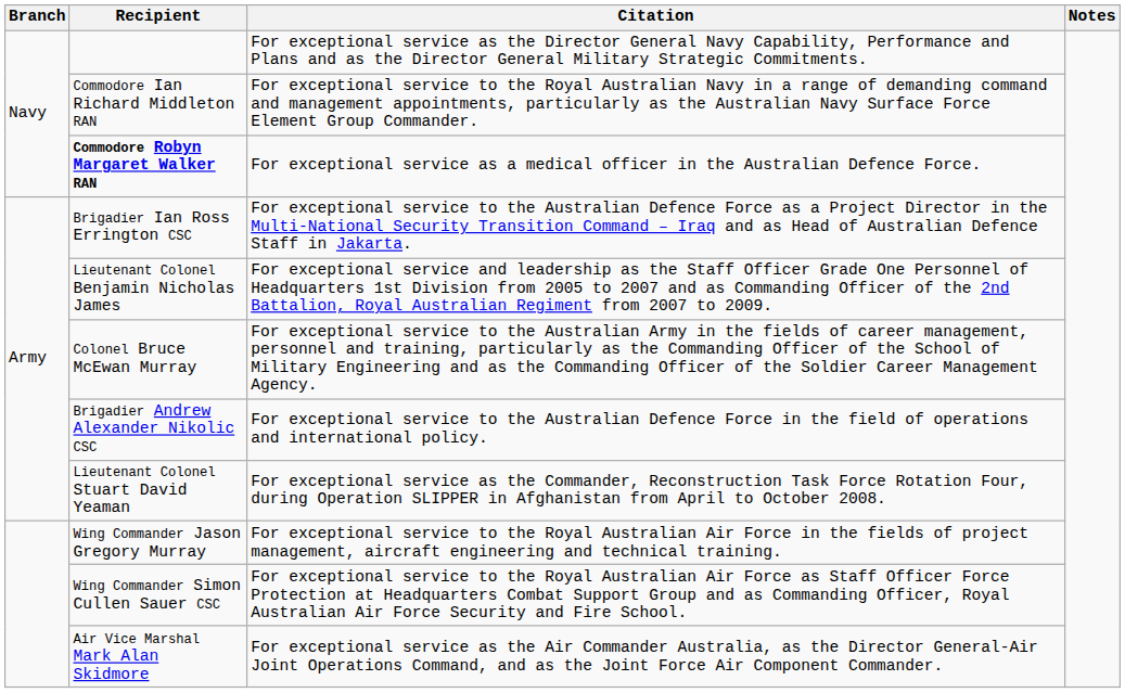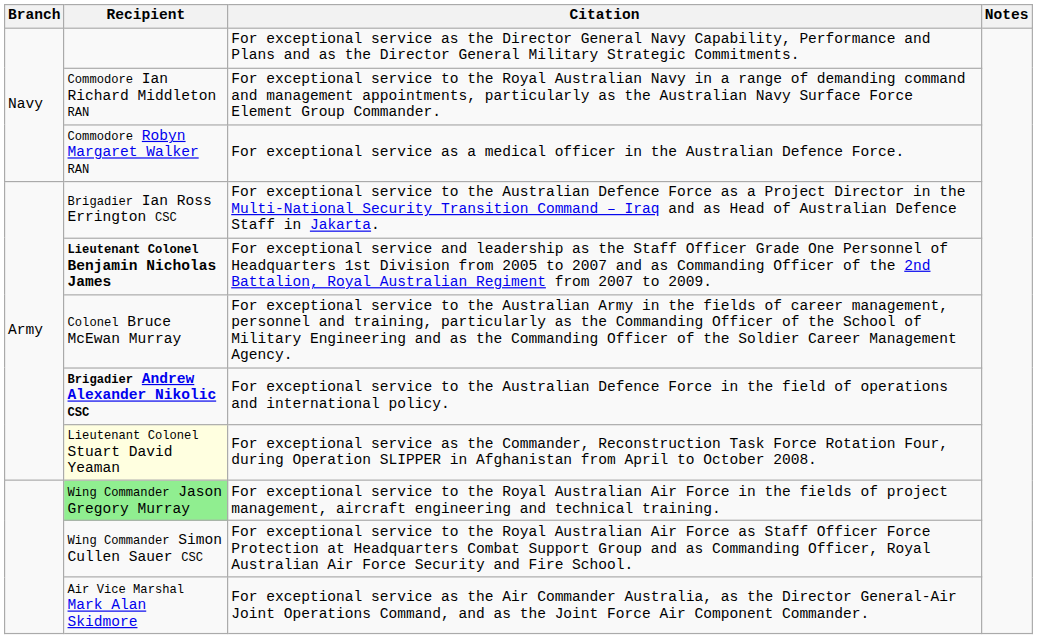 <table class="wikitable" style="font-size:95%;">
 <tr>
 <th>Branch</th>
 <th>Recipient</th>
 <th>Citation</th>
 <th>Notes</th>
 </tr>
 <tr>
 <td rowspan=3>Navy</td>
 <td></td>
 <td>For exceptional service as the Director General Navy Capability, Performance and Plans and as the Director General Military Strategic Commitments.</td>
 <td rowspan=11></td>
 </tr>
 <tr>
 <td><small>Commodore</small> Ian Richard Middleton <small>RAN</small></td>
 <td>For exceptional service to the Royal Australian Navy in a range of demanding command and management appointments, particularly as the Australian Navy Surface Force Element Group Commander.</td>
 </tr>
 <tr>
-<td><strong><small>Commodore</small> <a href='#'>Robyn Margaret Walker</a> <small>RAN</small></strong></td>
+<td><small>Commodore</small> <a href='#'>Robyn Margaret Walker</a> <small>RAN</small></td>
 <td>For exceptional service as a medical officer in the Australian Defence Force.</td>
 </tr>
 <tr>
 <td rowspan=5>Army</td>
 <td><small>Brigadier</small> Ian Ross Errington <small>CSC</small></td>
 <td>For exceptional service to the Australian Defence Force as a Project Director in the <a href='#'>Multi-National Security Transition Command – Iraq</a> and as Head of Australian Defence Staff in <a href='#'>Jakarta</a>.</td>
 </tr>
 <tr>
-<td><small>Lieutenant Colonel</small> Benjamin Nicholas James</td>
+<td><strong><small>Lieutenant Colonel</small> Benjamin Nicholas James</strong></td>
 <td>For exceptional service and leadership as the Staff Officer Grade One Personnel of Headquarters 1st Division from 2005 to 2007 and as Commanding Officer of the <a href='#'>2nd Battalion, Royal Australian Regiment</a> from 2007 to 2009.</td>
 </tr>
 <tr>
 <td><small>Colonel</small> Bruce McEwan Murray</td>
 <td>For exceptional service to the Australian Army in the fields of career management, personnel and training, particularly as the Commanding Officer of the School of Military Engineering and as the Commanding Officer of the Soldier Career Management Agency.</td>
 </tr>
 <tr>
-<td><small>Brigadier</small> <a href='#'>Andrew Alexander Nikolic</a> <small>CSC</small></td>
+<td><strong><small>Brigadier</small> <a href='#'>Andrew Alexander Nikolic</a> <small>CSC</small></strong></td>
 <td>For exceptional service to the Australian Defence Force in the field of operations and international policy.</td>
 </tr>
 <tr>
-<td><small>Lieutenant Colonel</small> Stuart David Yeaman</td>
+<td style="background: lightyellow;"><small>Lieutenant Colonel</small> Stuart David Yeaman</td>
 <td>For exceptional service as the Commander, Reconstruction Task Force Rotation Four, during Operation SLIPPER in Afghanistan from April to October 2008.</td>
 </tr>
 <tr>
 <td rowspan=3></td>
-<td><small>Wing Commander</small> Jason Gregory Murray</td>
+<td style="background: lightgreen;"><small>Wing Commander</small> Jason Gregory Murray</td>
 <td>For exceptional service to the Royal Australian Air Force in the fields of project management, aircraft engineering and technical training.</td>
 </tr>
 <tr>
 <td><small>Wing Commander</small> Simon Cullen Sauer <small>CSC</small></td>
 <td>For exceptional service to the Royal Australian Air Force as Staff Officer Force Protection at Headquarters Combat Support Group and as Commanding Officer, Royal Australian Air Force Security and Fire School.</td>
 </tr>
 <tr>
 <td><small>Air Vice Marshal</small> <a href='#'>Mark Alan Skidmore</a></td>
 <td>For exceptional service as the Air Commander Australia, as the Director General-Air Joint Operations Command, and as the Joint Force Air Component Commander.</td>
 </tr>
 </table>
